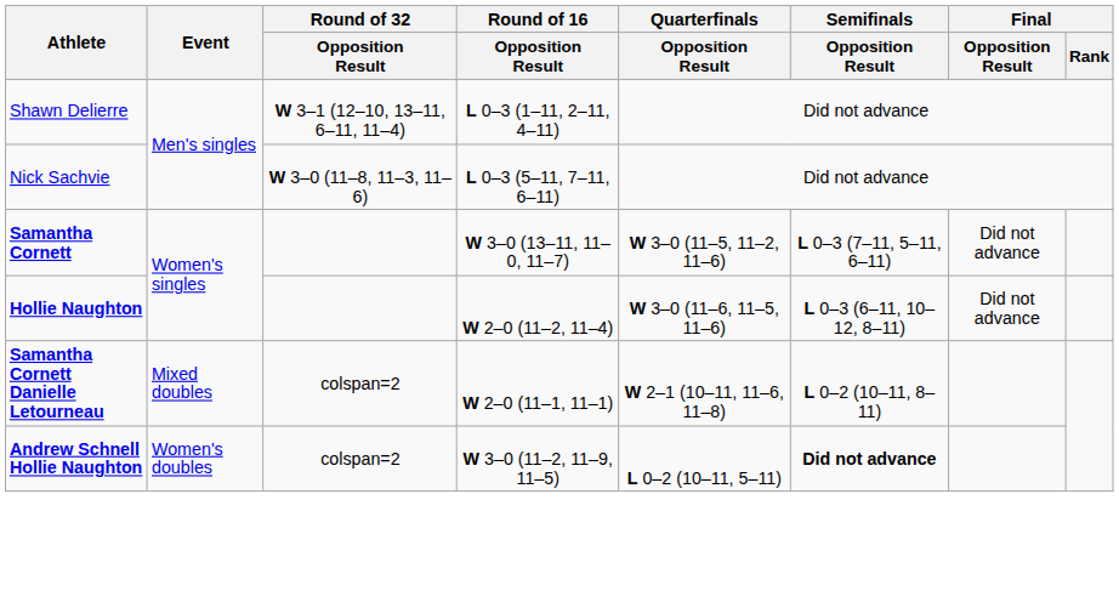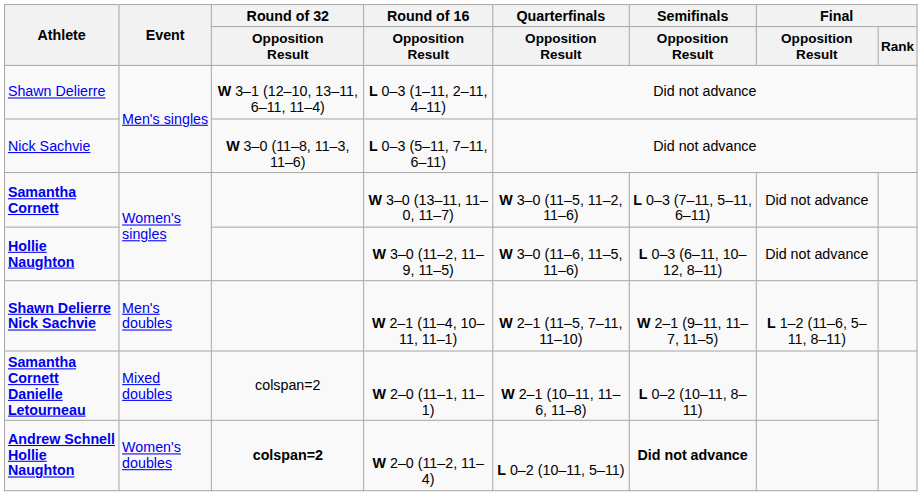 <table class="wikitable" style="font-size:85%">
 <tr>
 <th rowspan=2>Athlete</th>
 <th rowspan=2>Event</th>
 <th>Round of 32</th>
 <th>Round of 16</th>
 <th>Quarterfinals</th>
 <th>Semifinals</th>
 <th colspan=2>Final</th>
 </tr>
 <tr style="font-size:95%">
 <th>Opposition<br>Result</th>
 <th>Opposition<br>Result</th>
 <th>Opposition<br>Result</th>
 <th>Opposition<br>Result</th>
 <th>Opposition<br>Result</th>
 <th>Rank</th>
 </tr>
 <tr align=center>
 <td align=left><a href='#'>Shawn Delierre</a></td>
 <td align=left rowspan=2><a href='#'>Men's singles</a></td>
 <td><br><strong>W</strong> 3–1 (12–10, 13–11, 6–11, 11–4)</td>
 <td><br><strong>L</strong> 0–3 (1–11, 2–11, 4–11)</td>
 <td colspan=4>Did not advance</td>
 </tr>
 <tr align=center>
 <td align=left><a href='#'>Nick Sachvie</a></td>
 <td><br><strong>W</strong> 3–0 (11–8, 11–3, 11–6)</td>
 <td><br><strong>L</strong> 0–3 (5–11, 7–11, 6–11)</td>
 <td colspan=4>Did not advance</td>
 </tr>
 <tr align=center>
 <td align=left><strong><a href='#'>Samantha Cornett</a></strong></td>
 <td align=left rowspan=2><a href='#'>Women's singles</a></td>
 <td></td>
 <td><br><strong>W</strong> 3–0 (13–11, 11–0, 11–7)</td>
 <td><br><strong>W</strong> 3–0 (11–5, 11–2, 11–6)</td>
 <td><br><strong>L</strong> 0–3 (7–11, 5–11, 6–11)</td>
 <td>Did not advance</td>
 <td></td>
 </tr>
 <tr align=center>
 <td align=left><strong><a href='#'>Hollie Naughton</a></strong></td>
 <td></td>
-<td><br><br><strong>W</strong> 2–0 (11–2, 11–4)</td>
+<td><br><strong>W</strong> 3–0 (11–2, 11–9, 11–5)</td>
 <td><br><strong>W</strong> 3–0 (11–6, 11–5, 11–6)</td>
 <td><br><strong>L</strong> 0–3 (6–11, 10–12, 8–11)</td>
 <td>Did not advance</td>
+<td></td>
+</tr>
+<tr align=center>
+<td align=left><strong><a href='#'>Shawn Delierre</a><br><a href='#'>Nick Sachvie</a></strong></td>
+<td align=left><a href='#'>Men's doubles</a></td>
+<td></td>
+<td><br><br><strong>W</strong> 2–1 (11–4, 10–11, 11–1)</td>
+<td><br><br><strong>W</strong> 2–1 (11–5, 7–11, 11–10)</td>
+<td><br><br><strong>W</strong> 2–1 (9–11, 11–7, 11–5)</td>
+<td><br><br><strong>L</strong> 1–2 (11–6, 5–11, 8–11)</td>
 <td></td>
 </tr>
 <tr align=center>
 <td align=left><strong><a href='#'>Samantha Cornett</a><br><a href='#'>Danielle Letourneau</a></strong></td>
 <td align=left><a href='#'>Mixed doubles</a></td>
 <td>colspan=2 </td>
 <td><br><br><strong>W</strong> 2–0 (11–1, 11–1)</td>
 <td><br><br><strong>W</strong> 2–1 (10–11, 11–6, 11–8)</td>
 <td><br><br><strong>L</strong> 0–2 (10–11, 8–11)</td>
 <td></td>
 </tr>
 <tr align=center>
 <td align=left><strong><a href='#'>Andrew Schnell</a><br><a href='#'>Hollie Naughton</a></strong></td>
 <td align=left><a href='#'>Women's doubles</a></td>
-<td>colspan=2 </td>
-<td><br><strong>W</strong> 3–0 (11–2, 11–9, 11–5)</td>
+<td><strong>colspan=2 </strong></td>
+<td><br><br><strong>W</strong> 2–0 (11–2, 11–4)</td>
 <td><br><br><strong>L</strong> 0–2 (10–11, 5–11)</td>
 <td><strong>Did not advance</strong></td>
 <td></td>
 </tr>
 </table>
